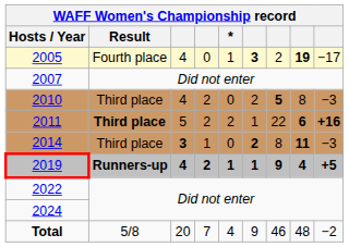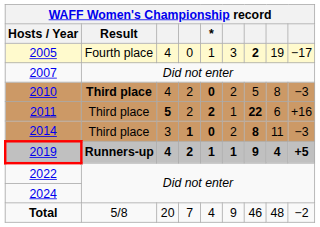 <table class="wikitable" style="text-align: center;font-size:95%;">
 <tr>
 <th colspan=9><a href='#'>WAFF Women's Championship</a> record</th>
 </tr>
 <tr>
 <th>Hosts / Year</th>
 <th>Result</th>
 <th width=20></th>
 <th width=20></th>
 <th width=20>*</th>
 <th width=20></th>
 <th width=20></th>
 <th width=20></th>
 <th width=20></th>
 </tr>
 <tr style="background:LemonChiffon;">
 <td> <a href='#'>2005</a></td>
 <td>Fourth place</td>
 <td>4</td>
 <td>0</td>
 <td>1</td>
-<td><strong>3</strong></td>
-<td>2</td>
-<td><strong>19</strong></td>
+<td>3</td>
+<td><strong>2</strong></td>
+<td>19</td>
 <td>−17</td>
 </tr>
 <tr>
 <td> <a href='#'>2007</a></td>
 <td colspan=8><em>Did not enter</em></td>
 </tr>
 <tr style="background:#c96;">
 <td> <a href='#'>2010</a></td>
-<td>Third place</td>
+<td><strong>Third place</strong></td>
 <td>4</td>
 <td>2</td>
-<td>0</td>
+<td><strong>0</strong></td>
 <td>2</td>
-<td><strong>5</strong></td>
+<td>5</td>
 <td>8</td>
 <td>−3</td>
 </tr>
 <tr style="background:#c96;">
 <td> <a href='#'>2011</a></td>
-<td><strong>Third place</strong></td>
-<td>5</td>
+<td>Third place</td>
+<td><strong>5</strong></td>
 <td>2</td>
-<td>2</td>
+<td><strong>2</strong></td>
 <td>1</td>
-<td>22</td>
-<td><strong>6</strong></td>
-<td><strong>+16</strong></td>
+<td><strong>22</strong></td>
+<td>6</td>
+<td>+16</td>
 </tr>
 <tr style="background:#c96;">
 <td> <a href='#'>2014</a></td>
 <td>Third place</td>
-<td><strong>3</strong></td>
-<td>1</td>
-<td>0</td>
-<td><strong>2</strong></td>
-<td>8</td>
-<td><strong>11</strong></td>
+<td>3</td>
+<td><strong>1</strong></td>
+<td><strong>0</strong></td>
+<td>2</td>
+<td><strong>8</strong></td>
+<td>11</td>
 <td>−3</td>
 </tr>
 <tr style="background:silver;">
 <td style="border: 3px solid red"> <a href='#'>2019</a></td>
 <td><strong>Runners-up</strong></td>
 <td><strong>4</strong></td>
 <td><strong>2</strong></td>
 <td><strong>1</strong></td>
 <td><strong>1</strong></td>
 <td><strong>9</strong></td>
 <td><strong>4</strong></td>
 <td><strong>+5</strong></td>
 </tr>
 <tr>
 <td> <a href='#'>2022</a></td>
 <td colspan=8 rowspan=2><em>Did not enter</em></td>
 </tr>
 <tr>
 <td> <a href='#'>2024</a></td>
 </tr>
 <tr>
 <td><strong>Total</strong></td>
 <td>5/8</td>
 <td>20</td>
 <td>7</td>
 <td>4</td>
 <td>9</td>
 <td>46</td>
 <td>48</td>
 <td>−2</td>
 </tr>
 </table>
